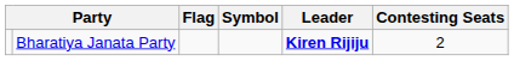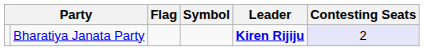 <table class="wikitable" style="text-align:center">
 <tr>
 <th colspan="2">Party</th>
 <th>Flag</th>
 <th>Symbol</th>
 <th>Leader</th>
 <th>Contesting Seats</th>
 </tr>
 <tr>
 <td></td>
 <td><a href='#'>Bharatiya Janata Party</a></td>
 <td></td>
 <td></td>
 <td><strong><a href='#'>Kiren Rijiju</a></strong></td>
-<td>2</td>
+<td style="background: lavender;">2</td>
 </tr>
 </table>
